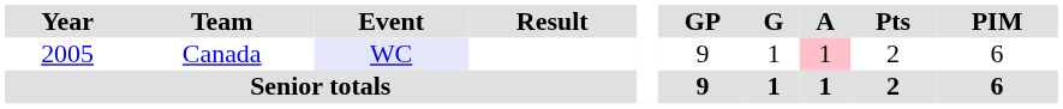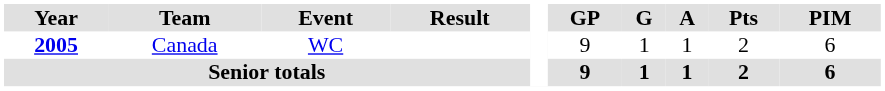 <table border="0" cellpadding="1" cellspacing="0" style="text-align:center; width:40em">
 <tr ALIGN="center" bgcolor="#e0e0e0">
 <th>Year</th>
 <th>Team</th>
 <th>Event</th>
 <th>Result</th>
 <th rowspan="99" bgcolor="#ffffff"> </th>
 <th>GP</th>
 <th>G</th>
 <th>A</th>
 <th>Pts</th>
 <th>PIM</th>
 </tr>
 <tr>
-<td><a href='#'>2005</a></td>
+<td><strong><a href='#'>2005</a></strong></td>
 <td><a href='#'>Canada</a></td>
-<td style="background: lavender;"><a href='#'>WC</a></td>
+<td><a href='#'>WC</a></td>
 <td></td>
 <td>9</td>
 <td>1</td>
-<td style="background: pink;">1</td>
+<td>1</td>
 <td>2</td>
 <td>6</td>
 </tr>
 <tr bgcolor="#e0e0e0">
 <th colspan=4>Senior totals</th>
 <th>9</th>
 <th>1</th>
 <th>1</th>
 <th>2</th>
 <th>6</th>
 </tr>
 </table>
